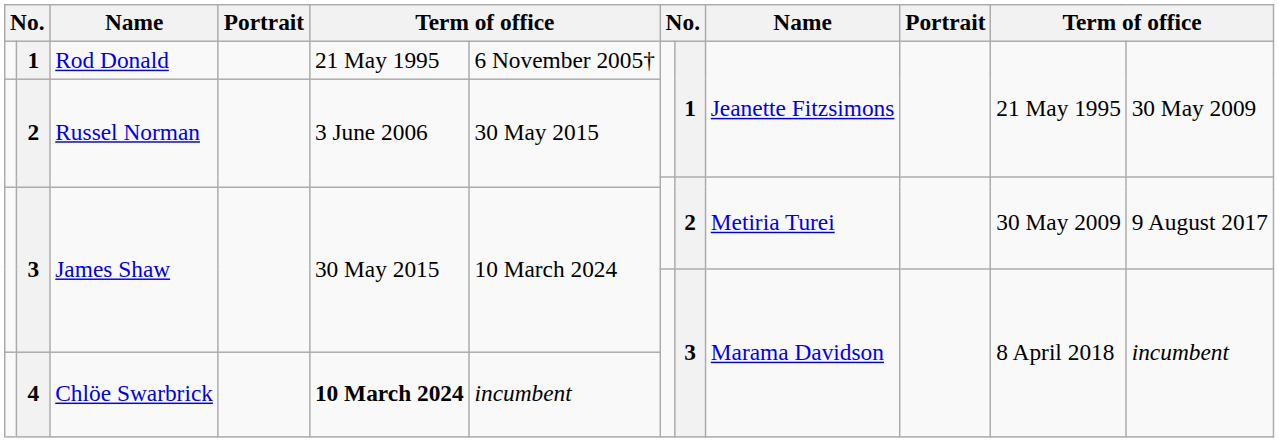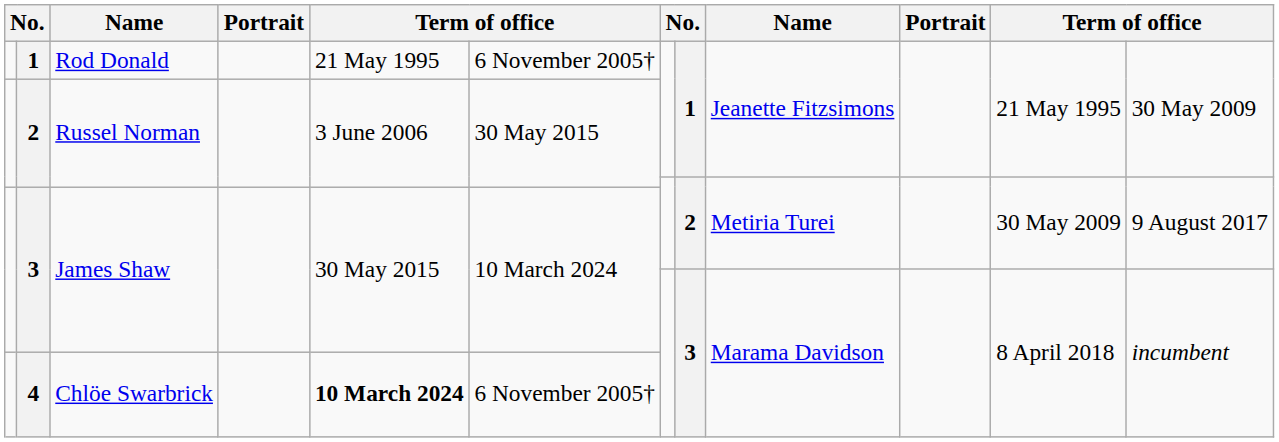 <table class="wikitable">
 <tr>
 <th colspan="2">No.</th>
 <th>Name</th>
 <th>Portrait</th>
 <th colspan="2">Term of office</th>
 <th colspan="2">No.</th>
 <th>Name</th>
 <th>Portrait</th>
 <th colspan="2">Term of office</th>
 </tr>
 <tr>
 <td width=1 style="background:"></td>
 <th>1</th>
 <td><a href='#'>Rod Donald</a></td>
 <td></td>
 <td>21 May 1995</td>
 <td>6 November 2005†</td>
 <td rowspan=2 style="background:"></td>
 <th rowspan=2>1</th>
 <td rowspan=2><a href='#'>Jeanette Fitzsimons</a></td>
 <td rowspan=2></td>
 <td rowspan=2>21 May 1995</td>
 <td rowspan=2>30 May 2009</td>
 </tr>
 <tr>
 <td height=60 style="border-bottom:solid 0 grey; background:"></td>
 <th rowspan=2>2</th>
 <td rowspan=2><a href='#'>Russel Norman</a></td>
 <td rowspan=2></td>
 <td rowspan=2>3 June 2006</td>
 <td rowspan=2>30 May 2015</td>
 </tr>
 <tr>
 <td style="border-top:solid 0 grey; background:"></td>
 <td rowspan=2 style="background:"></td>
 <th rowspan=2>2</th>
 <td rowspan=2><a href='#'>Metiria Turei</a></td>
 <td rowspan=2></td>
 <td rowspan=2>30 May 2009</td>
 <td rowspan=2>9 August 2017</td>
 </tr>
 <tr>
 <td height=50 style="border-bottom:solid 0 grey; background:"></td>
 <th rowspan=2>3</th>
 <td rowspan=2><a href='#'>James Shaw</a></td>
 <td rowspan=2></td>
 <td rowspan=2>30 May 2015</td>
 <td rowspan=2>10 March 2024</td>
 </tr>
 <tr>
 <td height=50 style="border-top:solid 0 grey; background:"></td>
 <td rowspan=2 style="background:"></td>
 <th rowspan=2>3</th>
 <td rowspan=2><a href='#'>Marama Davidson</a></td>
 <td rowspan=2></td>
 <td rowspan=2>8 April 2018</td>
 <td rowspan=2><em>incumbent</em></td>
 </tr>
 <tr>
 <td height=50 style="border-bottom:solid 0 grey; background:"></td>
 <th rowspan=1>4</th>
 <td rowspan=1><a href='#'>Chlöe Swarbrick</a></td>
 <td rowspan=1></td>
 <td rowspan=1><strong>10 March 2024</strong></td>
-<td rowspan=1><em>incumbent</em></td>
+<td>6 November 2005†</td>
 </tr>
 </table>
